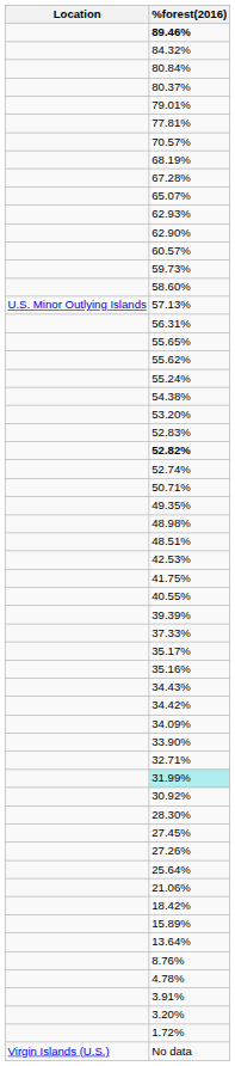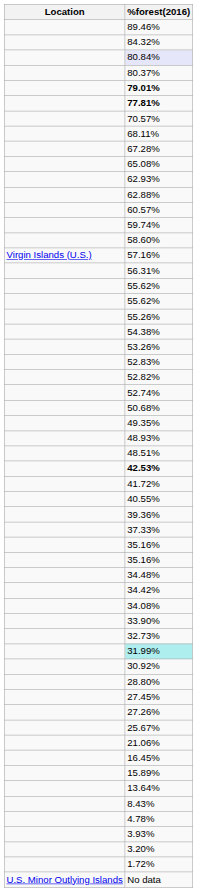 <table class="wikitable sortable sticky-header static-row-numbers col1left" >
 <tr>
 <th>Location</th>
 <th>%forest(2016)</th>
 </tr>
 <tr>
 <td></td>
-<td><strong>89.46%</strong></td>
+<td>89.46%</td>
 </tr>
 <tr>
 <td></td>
 <td>84.32%</td>
 </tr>
 <tr>
 <td></td>
-<td>80.84%</td>
+<td style="background: lavender;">80.84%</td>
 </tr>
 <tr>
 <td></td>
 <td>80.37%</td>
 </tr>
 <tr>
 <td></td>
-<td>79.01%</td>
+<td><strong>79.01%</strong></td>
 </tr>
 <tr>
 <td></td>
-<td>77.81%</td>
+<td><strong>77.81%</strong></td>
 </tr>
 <tr>
 <td></td>
 <td>70.57%</td>
 </tr>
 <tr>
 <td></td>
-<td>68.19%</td>
+<td>68.11%</td>
 </tr>
 <tr>
 <td></td>
 <td>67.28%</td>
 </tr>
 <tr>
 <td></td>
-<td>65.07%</td>
+<td>65.08%</td>
 </tr>
 <tr>
 <td></td>
 <td>62.93%</td>
 </tr>
 <tr>
 <td></td>
-<td>62.90%</td>
+<td>62.88%</td>
 </tr>
 <tr>
 <td></td>
 <td>60.57%</td>
 </tr>
 <tr>
 <td></td>
-<td>59.73%</td>
+<td>59.74%</td>
 </tr>
 <tr>
 <td></td>
 <td>58.60%</td>
 </tr>
 <tr>
-<td> <a href='#'>U.S. Minor Outlying Islands</a></td>
-<td>57.13%</td>
+<td> <a href='#'>Virgin Islands (U.S.)</a></td>
+<td>57.16%</td>
 </tr>
 <tr>
 <td></td>
 <td>56.31%</td>
 </tr>
 <tr>
 <td></td>
-<td>55.65%</td>
+<td>55.62%</td>
 </tr>
 <tr>
 <td></td>
 <td>55.62%</td>
 </tr>
 <tr>
 <td></td>
-<td>55.24%</td>
+<td>55.26%</td>
 </tr>
 <tr>
 <td></td>
 <td>54.38%</td>
 </tr>
 <tr>
 <td></td>
-<td>53.20%</td>
+<td>53.26%</td>
 </tr>
 <tr>
 <td></td>
 <td>52.83%</td>
 </tr>
 <tr>
 <td></td>
-<td><strong>52.82%</strong></td>
+<td>52.82%</td>
 </tr>
 <tr>
 <td></td>
 <td>52.74%</td>
 </tr>
 <tr>
 <td></td>
-<td>50.71%</td>
+<td>50.68%</td>
 </tr>
 <tr>
 <td></td>
 <td>49.35%</td>
 </tr>
 <tr>
 <td></td>
-<td>48.98%</td>
+<td>48.93%</td>
 </tr>
 <tr>
 <td></td>
 <td>48.51%</td>
 </tr>
 <tr>
 <td></td>
-<td>42.53%</td>
+<td><strong>42.53%</strong></td>
 </tr>
 <tr>
 <td></td>
-<td>41.75%</td>
+<td>41.72%</td>
 </tr>
 <tr>
 <td></td>
 <td>40.55%</td>
 </tr>
 <tr>
 <td></td>
-<td>39.39%</td>
+<td>39.36%</td>
 </tr>
 <tr>
 <td></td>
 <td>37.33%</td>
 </tr>
 <tr>
 <td></td>
-<td>35.17%</td>
+<td>35.16%</td>
 </tr>
 <tr>
 <td></td>
 <td>35.16%</td>
 </tr>
 <tr>
 <td></td>
-<td>34.43%</td>
+<td>34.48%</td>
 </tr>
 <tr>
 <td></td>
 <td>34.42%</td>
 </tr>
 <tr>
 <td></td>
-<td>34.09%</td>
+<td>34.08%</td>
 </tr>
 <tr>
 <td></td>
 <td>33.90%</td>
 </tr>
 <tr>
 <td></td>
-<td>32.71%</td>
+<td>32.73%</td>
 </tr>
 <tr>
 <td></td>
 <td style="background: paleturquoise;">31.99%</td>
 </tr>
 <tr>
 <td></td>
 <td>30.92%</td>
 </tr>
 <tr>
 <td></td>
-<td>28.30%</td>
+<td>28.80%</td>
 </tr>
 <tr>
 <td></td>
 <td>27.45%</td>
 </tr>
 <tr>
 <td></td>
 <td>27.26%</td>
 </tr>
 <tr>
 <td></td>
-<td>25.64%</td>
+<td>25.67%</td>
 </tr>
 <tr>
 <td></td>
 <td>21.06%</td>
 </tr>
 <tr>
 <td></td>
-<td>18.42%</td>
+<td>16.45%</td>
 </tr>
 <tr>
 <td></td>
 <td>15.89%</td>
 </tr>
 <tr>
 <td></td>
 <td>13.64%</td>
 </tr>
 <tr>
 <td></td>
-<td>8.76%</td>
+<td>8.43%</td>
 </tr>
 <tr>
 <td></td>
 <td>4.78%</td>
 </tr>
 <tr>
 <td></td>
-<td>3.91%</td>
+<td>3.93%</td>
 </tr>
 <tr>
 <td></td>
 <td>3.20%</td>
 </tr>
 <tr>
 <td></td>
 <td>1.72%</td>
 </tr>
 <tr class=static-row-numbers-norank>
-<td> <a href='#'>Virgin Islands (U.S.)</a></td>
+<td> <a href='#'>U.S. Minor Outlying Islands</a></td>
 <td>No data</td>
 </tr>
 </table>
